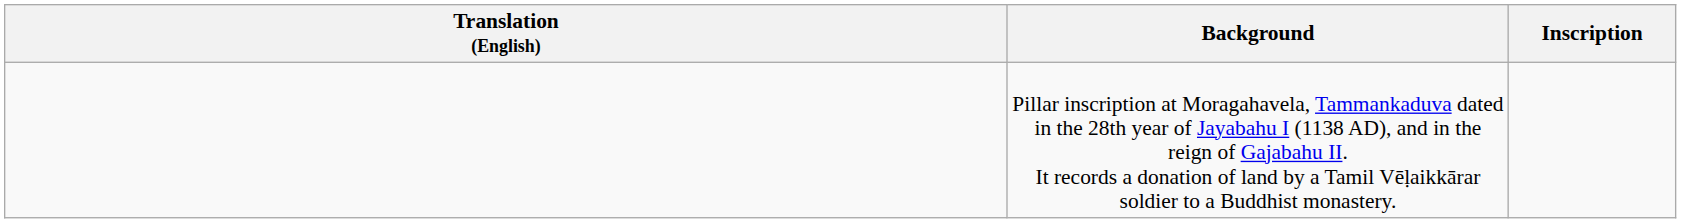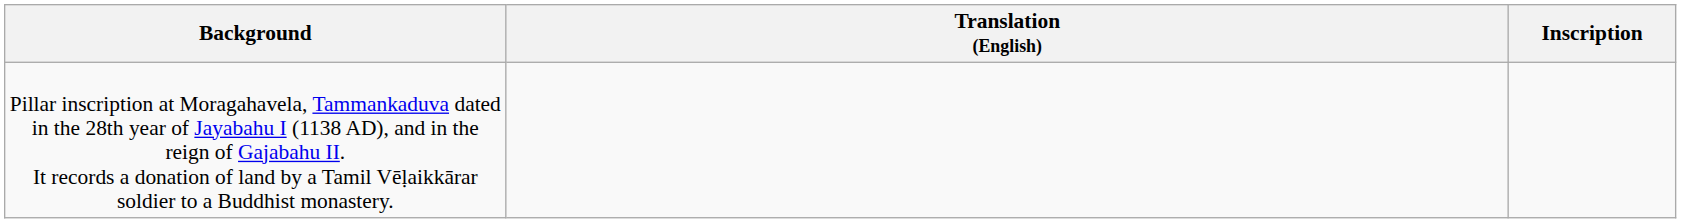 <table class="wikitable centre">
 <tr>
+<th scope="col" align=left>Background<br></th>
 <th>Translation<br><small>(English)</small></th>
-<th scope="col" align=left>Background<br></th>
 <th>Inscription<br></th>
 </tr>
 <tr>
+<td align=center width="30%"><br>Pillar inscription at Moragahavela, <a href='#'>Tammankaduva</a> dated in the 28th year of <a href='#'>Jayabahu I</a> (1138 AD), and in the reign of <a href='#'>Gajabahu II</a>.<br>It records a donation of land by a Tamil Vēḷaikkārar soldier to a Buddhist monastery.</td>
 <td align=left><br></td>
-<td align=center width="30%"><br>Pillar inscription at Moragahavela, <a href='#'>Tammankaduva</a> dated in the 28th year of <a href='#'>Jayabahu I</a> (1138 AD), and in the reign of <a href='#'>Gajabahu II</a>.<br>It records a donation of land by a Tamil Vēḷaikkārar soldier to a Buddhist monastery.</td>
 <td align=center width="10%"><br></td>
 </tr>
 </table>
